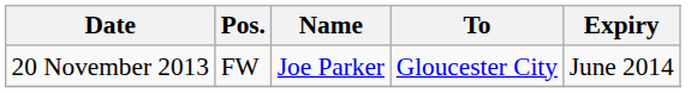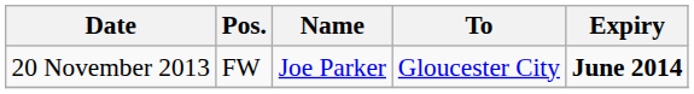 <table class="wikitable">
 <tr>
 <th>Date</th>
 <th>Pos.</th>
 <th>Name</th>
 <th>To</th>
 <th>Expiry</th>
 </tr>
 <tr>
 <td>20 November 2013</td>
 <td>FW</td>
 <td> <a href='#'>Joe Parker</a></td>
 <td><a href='#'>Gloucester City</a></td>
-<td>June 2014</td>
+<td><strong>June 2014</strong></td>
 </tr>
 <tr>
 </tr>
 </table>
